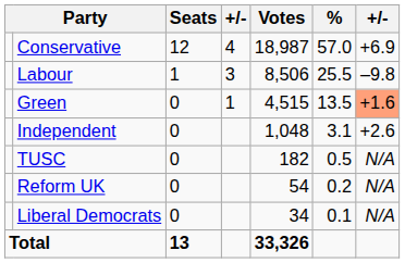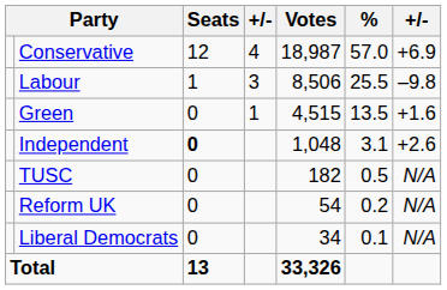 <table class="wikitable sortable">
 <tr>
 <th colspan="2">Party</th>
 <th>Seats</th>
 <th>+/-</th>
 <th>Votes</th>
 <th>%</th>
 <th>+/-</th>
 </tr>
 <tr>
 <td style="background-color: "></td>
 <td><a href='#'>Conservative</a></td>
 <td>12</td>
 <td> 4</td>
 <td style="text-align:right;">18,987</td>
 <td style="text-align:right;">57.0</td>
 <td style="text-align:right;">+6.9</td>
 </tr>
 <tr>
 <td style="background-color: "></td>
 <td><a href='#'>Labour</a></td>
 <td>1</td>
 <td> 3</td>
 <td style="text-align:right;">8,506</td>
 <td style="text-align:right;">25.5</td>
 <td style="text-align:right;">–9.8</td>
 </tr>
 <tr>
 <td style="background-color: "></td>
 <td><a href='#'>Green</a></td>
 <td>0</td>
 <td> 1</td>
 <td style="text-align:right;">4,515</td>
 <td style="text-align:right;">13.5</td>
-<td style="background: lightsalmon; text-align:right;">+1.6</td>
+<td style="text-align:right;">+1.6</td>
 </tr>
 <tr>
 <td style="background-color: "></td>
 <td><a href='#'>Independent</a></td>
-<td>0</td>
+<td><strong>0</strong></td>
 <td></td>
 <td style="text-align:right;">1,048</td>
 <td style="text-align:right;">3.1</td>
 <td style="text-align:right;">+2.6</td>
 </tr>
 <tr>
 <td style="background-color: "></td>
 <td><a href='#'>TUSC</a></td>
 <td>0</td>
 <td></td>
 <td style="text-align:right;">182</td>
 <td style="text-align:right;">0.5</td>
 <td style="text-align:right;"><em>N/A</em></td>
 </tr>
 <tr>
 <td style="background-color: "></td>
 <td><a href='#'>Reform UK</a></td>
 <td>0</td>
 <td></td>
 <td style="text-align:right;">54</td>
 <td style="text-align:right;">0.2</td>
 <td style="text-align:right;"><em>N/A</em></td>
 </tr>
 <tr>
 <td style="background-color: "></td>
 <td><a href='#'>Liberal Democrats</a></td>
 <td>0</td>
 <td></td>
 <td style="text-align:right;">34</td>
 <td style="text-align:right;">0.1</td>
 <td style="text-align:right;"><em>N/A</em></td>
 </tr>
 <tr>
 <td colspan="2"><strong>Total</strong></td>
 <td><strong>13</strong></td>
 <td></td>
 <td style="text-align:right;"><strong>33,326</strong></td>
 <td style="text-align:right;"></td>
 <td style="text-align:right;"></td>
 </tr>
 </table>
